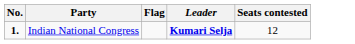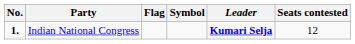 <table class="wikitable">
 <tr>
 <th>No.</th>
 <th>Party</th>
 <th><strong>Flag</strong></th>
+<th>Symbol</th>
 <th><em>Leader</em></th>
 <th>Seats contested</th>
 </tr>
 <tr>
 <td ! style="text-align:center; background:"><strong>1.</strong></td>
 <td style="text-align:center"><a href='#'>Indian National Congress</a></td>
 <td></td>
+<td></td>
 <td style="text-align:center"><strong><a href='#'>Kumari Selja</a></strong></td>
 <td style="text-align:center">12</td>
 </tr>
 </table>
